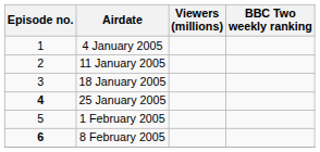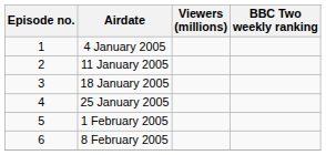 <table class="wikitable" style="text-align:center;">
 <tr>
 <th>Episode no.</th>
 <th>Airdate</th>
 <th>Viewers<br>(millions)</th>
 <th>BBC Two<br>weekly ranking</th>
 </tr>
 <tr>
 <td>1</td>
 <td>4 January 2005</td>
 <td></td>
 <td></td>
 </tr>
 <tr>
 <td>2</td>
 <td>11 January 2005</td>
 <td></td>
 <td></td>
 </tr>
 <tr>
 <td>3</td>
 <td>18 January 2005</td>
 <td></td>
 <td></td>
 </tr>
 <tr>
-<td><strong>4</strong></td>
+<td>4</td>
 <td>25 January 2005</td>
 <td></td>
 <td></td>
 </tr>
 <tr>
 <td>5</td>
 <td>1 February 2005</td>
 <td></td>
 <td></td>
 </tr>
 <tr>
-<td><strong>6</strong></td>
+<td>6</td>
 <td>8 February 2005</td>
 <td></td>
 <td></td>
 </tr>
 <tr>
 </tr>
 </table>
